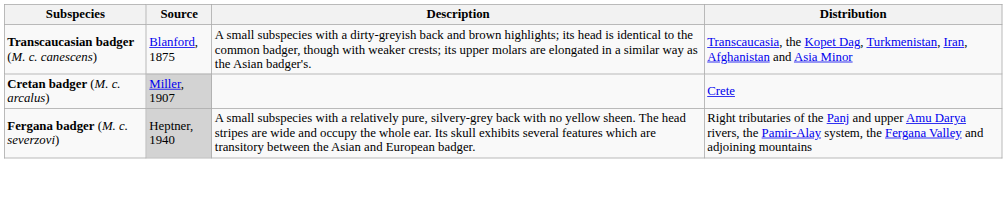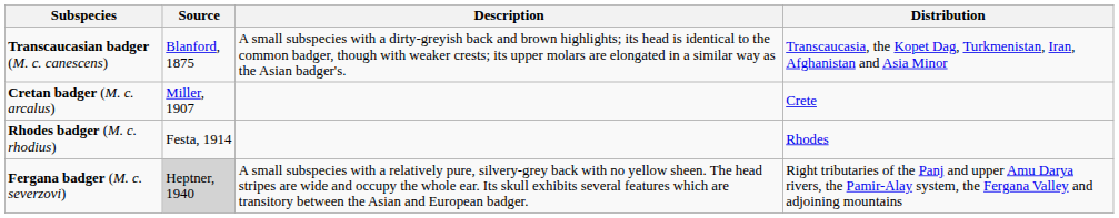 <table class="wikitable sortable collapsible">
 <tr>
 <th>Subspecies</th>
 <th>Source</th>
 <th>Description</th>
 <th>Distribution</th>
 </tr>
 <tr>
 <td><strong>Transcaucasian badger</strong> (<em>M. c. canescens</em>)<br></td>
 <td><a href='#'>Blanford</a>, 1875<br> </td>
 <td>A small subspecies with a dirty-greyish back and brown highlights; its head is identical to the common badger, though with weaker crests; its upper molars are elongated in a similar way as the Asian badger's.</td>
 <td><a href='#'>Transcaucasia</a>, the <a href='#'>Kopet Dag</a>, <a href='#'>Turkmenistan</a>, <a href='#'>Iran</a>, <a href='#'>Afghanistan</a> and <a href='#'>Asia Minor</a></td>
 </tr>
 <tr>
 <td><strong>Cretan badger</strong> (<em>M. c. arcalus</em>)<br></td>
-<td style="background: lightgrey;"><a href='#'>Miller</a>, 1907</td>
+<td><a href='#'>Miller</a>, 1907</td>
 <td></td>
 <td><a href='#'>Crete</a></td>
+</tr>
+<tr>
+<td><strong>Rhodes badger</strong> (<em>M. c. rhodius</em>)</td>
+<td>Festa, 1914</td>
+<td></td>
+<td><a href='#'>Rhodes</a></td>
 </tr>
 <tr>
 <td><strong>Fergana badger</strong> (<em>M. c. severzovi</em>)</td>
 <td style="background: lightgrey;">Heptner, 1940<br></td>
 <td>A small subspecies with a relatively pure, silvery-grey back with no yellow sheen. The head stripes are wide and occupy the whole ear. Its skull exhibits several features which are transitory between the Asian and European badger.</td>
 <td>Right tributaries of the <a href='#'>Panj</a> and upper <a href='#'>Amu Darya</a> rivers, the <a href='#'>Pamir-Alay</a> system, the <a href='#'>Fergana Valley</a> and adjoining mountains</td>
 </tr>
 </table>
